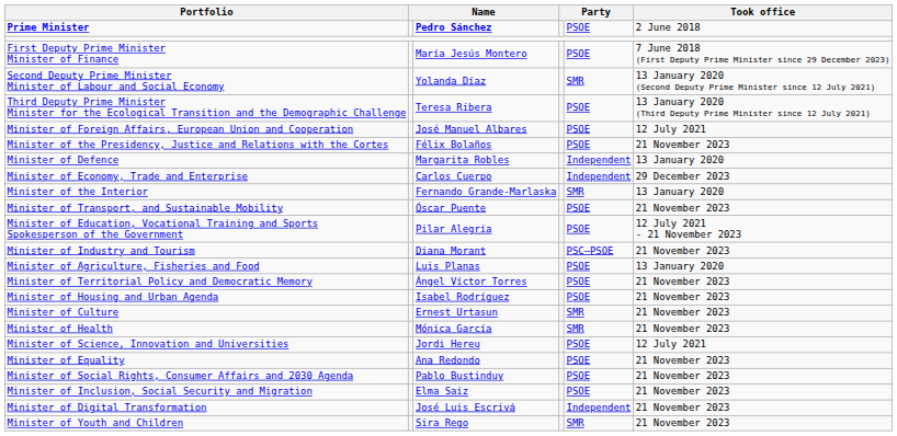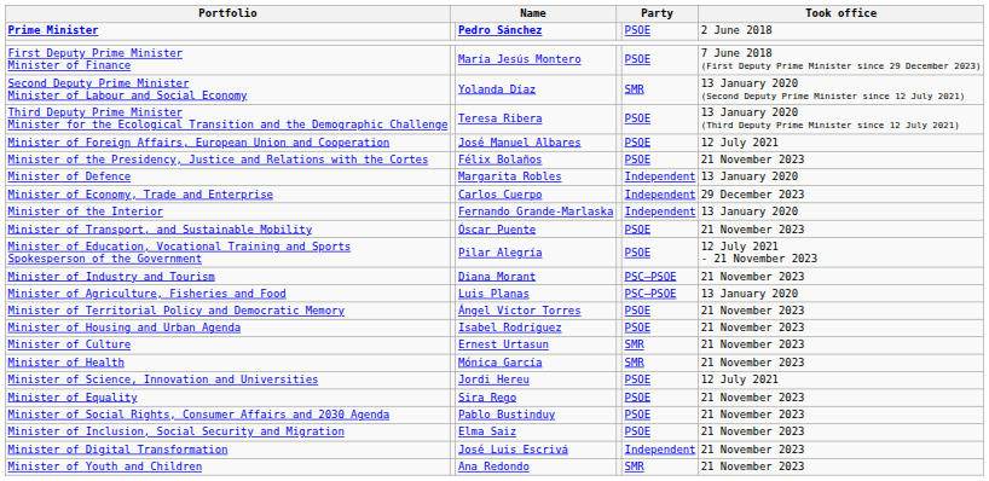 <table class="wikitable" style="font-size:95%;">
 <tr>
 <th>Portfolio</th>
 <th colspan="2">Name</th>
 <th colspan="2">Party</th>
 <th>Took office</th>
 </tr>
 <tr>
 <td><strong><a href='#'>Prime Minister</a></strong></td>
 <td></td>
 <td><strong><a href='#'>Pedro Sánchez</a></strong></td>
 <td width="1" style="background-color:"></td>
 <td><a href='#'>PSOE</a></td>
 <td>2 June 2018</td>
 </tr>
 <tr>
 <td colspan="6"></td>
 </tr>
 <tr>
 <td><a href='#'>First Deputy Prime Minister</a><br><a href='#'>Minister of Finance</a></td>
 <td></td>
 <td><a href='#'>María Jesús Montero</a></td>
 <td style="background-color:"></td>
 <td><a href='#'>PSOE</a></td>
 <td>7 June 2018<br><small>(First Deputy Prime Minister since 29 December 2023)</small></td>
 </tr>
 <tr>
 <td><a href='#'>Second Deputy Prime Minister</a><br><a href='#'>Minister of Labour and Social Economy</a></td>
 <td></td>
 <td><a href='#'>Yolanda Díaz</a></td>
 <td style="background-color:"></td>
 <td><a href='#'>SMR</a></td>
 <td>13 January 2020<br><small>(Second Deputy Prime Minister since 12 July 2021)</small></td>
 </tr>
 <tr>
 <td><a href='#'>Third Deputy Prime Minister</a><br><a href='#'>Minister for the Ecological Transition and the Demographic Challenge</a></td>
 <td></td>
 <td><a href='#'>Teresa Ribera</a></td>
 <td style="background-color:"></td>
 <td><a href='#'>PSOE</a></td>
 <td>13 January 2020<br><small>(Third Deputy Prime Minister since 12 July 2021)</small></td>
 </tr>
 <tr>
 <td><a href='#'>Minister of Foreign Affairs, European Union and Cooperation</a></td>
 <td></td>
 <td><a href='#'>José Manuel Albares</a></td>
 <td style="background-color:"></td>
 <td><a href='#'>PSOE</a></td>
 <td>12 July 2021</td>
 </tr>
 <tr>
 <td><a href='#'>Minister of the Presidency, Justice and Relations with the Cortes</a></td>
 <td></td>
 <td><a href='#'>Félix Bolaños</a></td>
 <td style="background-color:"></td>
 <td><a href='#'>PSOE</a></td>
 <td>21 November 2023</td>
 </tr>
 <tr>
 <td><a href='#'>Minister of Defence</a></td>
 <td></td>
 <td><a href='#'>Margarita Robles</a></td>
 <td style="background-color:"></td>
 <td><a href='#'>Independent</a></td>
 <td>13 January 2020</td>
 </tr>
 <tr>
 <td><a href='#'>Minister of Economy, Trade and Enterprise</a></td>
 <td></td>
 <td><a href='#'>Carlos Cuerpo</a></td>
 <td style="background-color:"></td>
 <td><a href='#'>Independent</a></td>
 <td>29 December 2023</td>
 </tr>
 <tr>
 <td><a href='#'>Minister of the Interior</a></td>
 <td></td>
 <td><a href='#'>Fernando Grande-Marlaska</a></td>
 <td style="background-color:"></td>
-<td><a href='#'>SMR</a></td>
+<td><a href='#'>Independent</a></td>
 <td>13 January 2020</td>
 </tr>
 <tr>
 <td><a href='#'>Minister of Transport, and Sustainable Mobility</a></td>
 <td></td>
 <td><a href='#'>Óscar Puente</a></td>
 <td style="background-color:"></td>
 <td><a href='#'>PSOE</a></td>
 <td>21 November 2023</td>
 </tr>
 <tr>
 <td><a href='#'>Minister of Education, Vocational Training and Sports</a><br><a href='#'>Spokesperson of the Government</a></td>
 <td></td>
 <td><a href='#'>Pilar Alegría</a></td>
 <td style="background-color:"></td>
 <td><a href='#'>PSOE</a></td>
 <td>12 July 2021<br>- 21 November 2023</td>
 </tr>
 <tr>
 <td><a href='#'>Minister of Industry and Tourism</a></td>
 <td></td>
 <td><a href='#'>Diana Morant</a></td>
 <td style="background-color:"></td>
 <td><a href='#'>PSC–PSOE</a></td>
 <td>21 November 2023</td>
 </tr>
 <tr>
 <td><a href='#'>Minister of Agriculture, Fisheries and Food</a></td>
 <td></td>
 <td><a href='#'>Luis Planas</a></td>
 <td style="background-color:"></td>
-<td><a href='#'>PSOE</a></td>
+<td><a href='#'>PSC–PSOE</a></td>
 <td>13 January 2020</td>
 </tr>
 <tr>
 <td><a href='#'>Minister of Territorial Policy and Democratic Memory</a></td>
 <td></td>
 <td><a href='#'>Ángel Víctor Torres</a></td>
 <td style="background-color:"></td>
 <td><a href='#'>PSOE</a></td>
 <td>21 November 2023</td>
 </tr>
 <tr>
 <td><a href='#'>Minister of Housing and Urban Agenda</a></td>
 <td></td>
 <td><a href='#'>Isabel Rodríguez</a></td>
 <td style="background-color:"></td>
 <td><a href='#'>PSOE</a></td>
 <td>21 November 2023</td>
 </tr>
 <tr>
 <td><a href='#'>Minister of Culture</a></td>
 <td></td>
 <td><a href='#'>Ernest Urtasun</a></td>
 <td style="background-color:"></td>
 <td><a href='#'>SMR</a></td>
 <td>21 November 2023</td>
 </tr>
 <tr>
 <td><a href='#'>Minister of Health</a></td>
 <td></td>
 <td><a href='#'>Mónica García</a></td>
 <td style="background-color:"></td>
 <td><a href='#'>SMR</a></td>
 <td>21 November 2023</td>
 </tr>
 <tr>
 <td><a href='#'>Minister of Science, Innovation and Universities</a></td>
 <td></td>
 <td><a href='#'>Jordi Hereu</a></td>
 <td style="background-color:"></td>
 <td><a href='#'>PSOE</a></td>
 <td>12 July 2021</td>
 </tr>
 <tr>
 <td><a href='#'>Minister of Equality</a></td>
 <td></td>
-<td><a href='#'>Ana Redondo</a></td>
+<td><a href='#'>Sira Rego</a></td>
 <td style="background-color:"></td>
 <td><a href='#'>PSOE</a></td>
 <td>21 November 2023</td>
 </tr>
 <tr>
 <td><a href='#'>Minister of Social Rights, Consumer Affairs and 2030 Agenda</a></td>
 <td></td>
 <td><a href='#'>Pablo Bustinduy</a></td>
 <td style="background-color:"></td>
 <td><a href='#'>PSOE</a></td>
 <td>21 November 2023</td>
 </tr>
 <tr>
 <td><a href='#'>Minister of Inclusion, Social Security and Migration</a></td>
 <td></td>
 <td><a href='#'>Elma Saiz</a></td>
 <td style="background-color:"></td>
 <td><a href='#'>PSOE</a></td>
 <td>21 November 2023</td>
 </tr>
 <tr>
 <td><a href='#'>Minister of Digital Transformation</a></td>
 <td></td>
 <td><a href='#'>José Luis Escrivá</a></td>
 <td style="background-color:"></td>
 <td><a href='#'>Independent</a></td>
 <td>21 November 2023</td>
 </tr>
 <tr>
 <td><a href='#'>Minister of Youth and Children</a></td>
 <td></td>
-<td><a href='#'>Sira Rego</a></td>
+<td><a href='#'>Ana Redondo</a></td>
 <td style="background-color:"></td>
 <td><a href='#'>SMR</a></td>
 <td>21 November 2023</td>
 </tr>
 </table>
